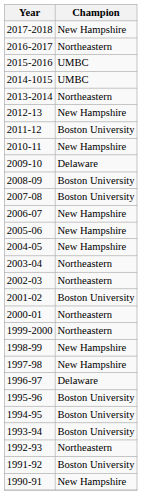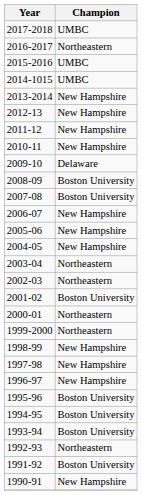 <table class="wikitable sortable">
 <tr>
 <th>Year</th>
 <th>Champion</th>
 </tr>
 <tr>
 <td>2017-2018</td>
-<td>New Hampshire</td>
+<td>UMBC</td>
 </tr>
 <tr>
 <td>2016-2017</td>
 <td>Northeastern</td>
 </tr>
 <tr>
 <td>2015-2016</td>
 <td>UMBC</td>
 </tr>
 <tr>
 <td>2014-1015</td>
 <td>UMBC</td>
 </tr>
 <tr>
 <td>2013-2014</td>
-<td>Northeastern</td>
+<td>New Hampshire</td>
 </tr>
 <tr>
 <td>2012-13</td>
 <td>New Hampshire</td>
 </tr>
 <tr>
 <td>2011-12</td>
-<td>Boston University</td>
+<td>New Hampshire</td>
 </tr>
 <tr>
 <td>2010-11</td>
 <td>New Hampshire</td>
 </tr>
 <tr>
 <td>2009-10</td>
 <td>Delaware</td>
 </tr>
 <tr>
 <td>2008-09</td>
 <td>Boston University</td>
 </tr>
 <tr>
 <td>2007-08</td>
 <td>Boston University</td>
 </tr>
 <tr>
 <td>2006-07</td>
 <td>New Hampshire</td>
 </tr>
 <tr>
 <td>2005-06</td>
 <td>New Hampshire</td>
 </tr>
 <tr>
 <td>2004-05</td>
 <td>New Hampshire</td>
 </tr>
 <tr>
 <td>2003-04</td>
 <td>Northeastern</td>
 </tr>
 <tr>
 <td>2002-03</td>
 <td>Northeastern</td>
 </tr>
 <tr>
 <td>2001-02</td>
 <td>Boston University</td>
 </tr>
 <tr>
 <td>2000-01</td>
 <td>Northeastern</td>
 </tr>
 <tr>
 <td>1999-2000</td>
 <td>Northeastern</td>
 </tr>
 <tr>
 <td>1998-99</td>
 <td>New Hampshire</td>
 </tr>
 <tr>
 <td>1997-98</td>
 <td>New Hampshire</td>
 </tr>
 <tr>
 <td>1996-97</td>
-<td>Delaware</td>
+<td>New Hampshire</td>
 </tr>
 <tr>
 <td>1995-96</td>
 <td>Boston University</td>
 </tr>
 <tr>
 <td>1994-95</td>
 <td>Boston University</td>
 </tr>
 <tr>
 <td>1993-94</td>
 <td>Boston University</td>
 </tr>
 <tr>
 <td>1992-93</td>
 <td>Northeastern</td>
 </tr>
 <tr>
 <td>1991-92</td>
 <td>Boston University</td>
 </tr>
 <tr>
 <td>1990-91</td>
 <td>New Hampshire</td>
 </tr>
 <tr>
 </tr>
 </table>
